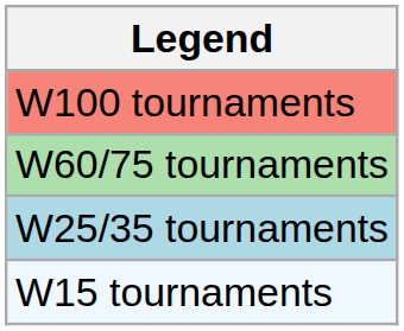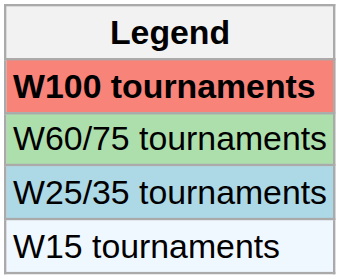 <table class=wikitable style="font-size:90%">
 <tr>
 <th>Legend</th>
 </tr>
 <tr style="background:#f88379;">
-<td>W100 tournaments</td>
+<td><strong>W100 tournaments</strong></td>
 </tr>
 <tr style="background:#addfad;">
 <td>W60/75 tournaments</td>
 </tr>
 <tr style="background:lightblue;">
 <td>W25/35 tournaments</td>
 </tr>
 <tr style="background:#f0f8ff;">
 <td>W15 tournaments</td>
 </tr>
 </table>
